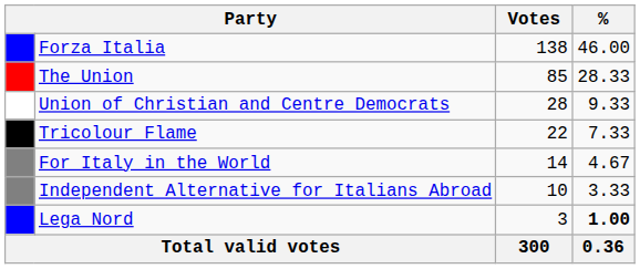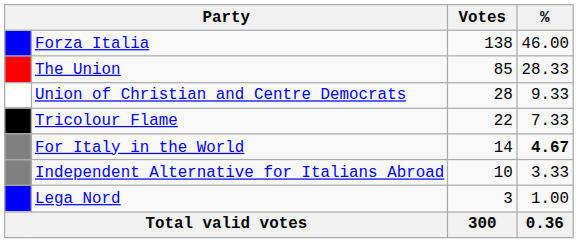 <table class="wikitable">
 <tr>
 <th colspan="2" style="width: 130px">Party</th>
 <th style="width: 50px">Votes</th>
 <th style="width: 40px">%</th>
 </tr>
 <tr>
 <td style="background-color:blue">  </td>
 <td style="text-align: left"><a href='#'>Forza Italia</a></td>
 <td style="text-align: right">138</td>
 <td style="text-align: right">46.00</td>
 </tr>
 <tr>
 <td style="background-color:red">  </td>
 <td style="text-align: left"><a href='#'>The Union</a></td>
 <td style="text-align: right">85</td>
 <td style="text-align: right">28.33</td>
 </tr>
 <tr>
 <td style="background-color:white">  </td>
 <td style="text-align: left"><a href='#'>Union of Christian and Centre Democrats</a></td>
 <td align="right">28</td>
 <td align="right">9.33</td>
 </tr>
 <tr>
 <td style="background-color:black">  </td>
 <td style="text-align: left"><a href='#'>Tricolour Flame</a></td>
 <td align="right">22</td>
 <td align="right">7.33</td>
 </tr>
 <tr>
 <td style="background-color:grey">  </td>
 <td style="text-align: left"><a href='#'>For Italy in the World</a></td>
 <td align="right">14</td>
-<td align="right">4.67</td>
+<td align="right"><strong>4.67</strong></td>
 </tr>
 <tr>
 <td style="background-color:grey">  </td>
 <td style="text-align: left"><a href='#'>Independent Alternative for Italians Abroad</a></td>
 <td align="right">10</td>
 <td align="right">3.33</td>
 </tr>
 <tr>
 <td style="background-color:blue">  </td>
 <td style="text-align: left"><a href='#'>Lega Nord</a></td>
 <td align="right">3</td>
-<td align="right"><strong>1.00</strong></td>
+<td align="right">1.00</td>
 </tr>
 <tr bgcolor="white">
 <th align="right" colspan=2>Total valid votes</th>
 <th align="right">300</th>
 <th align="right">0.36</th>
 </tr>
 </table>
